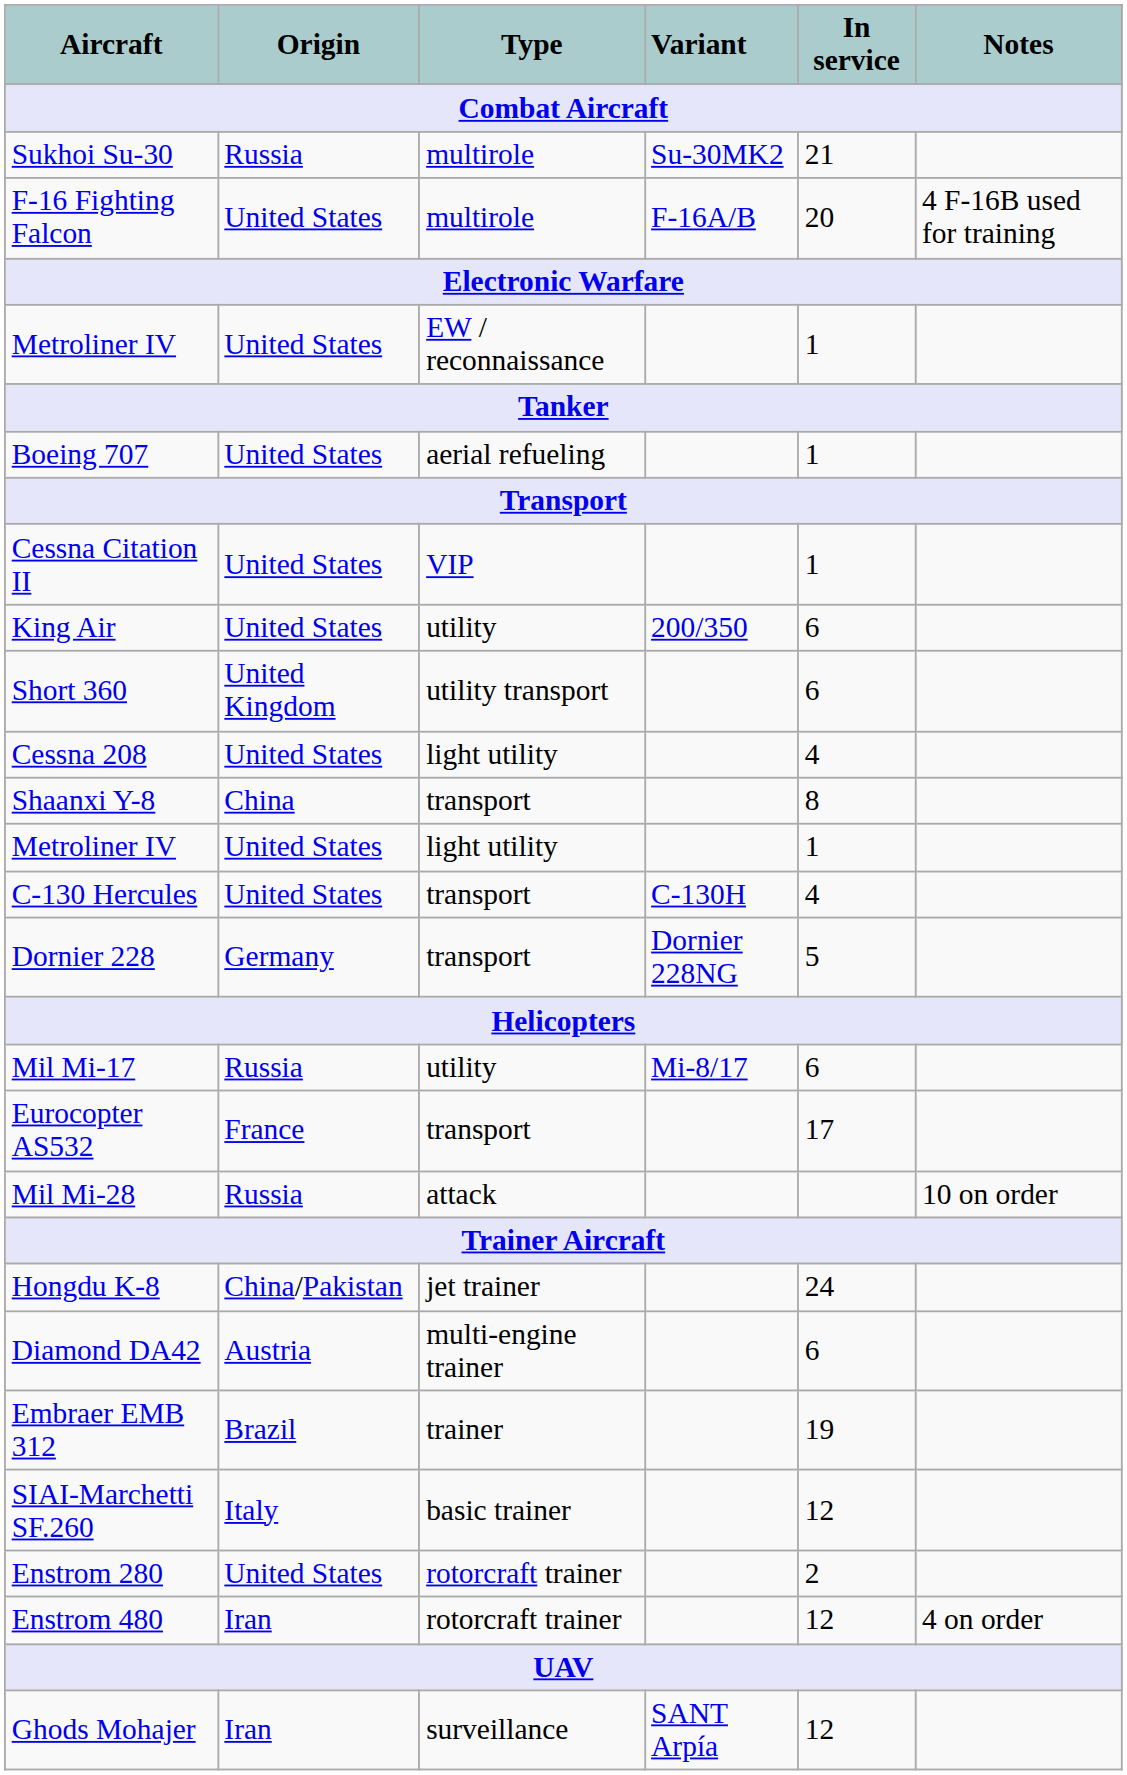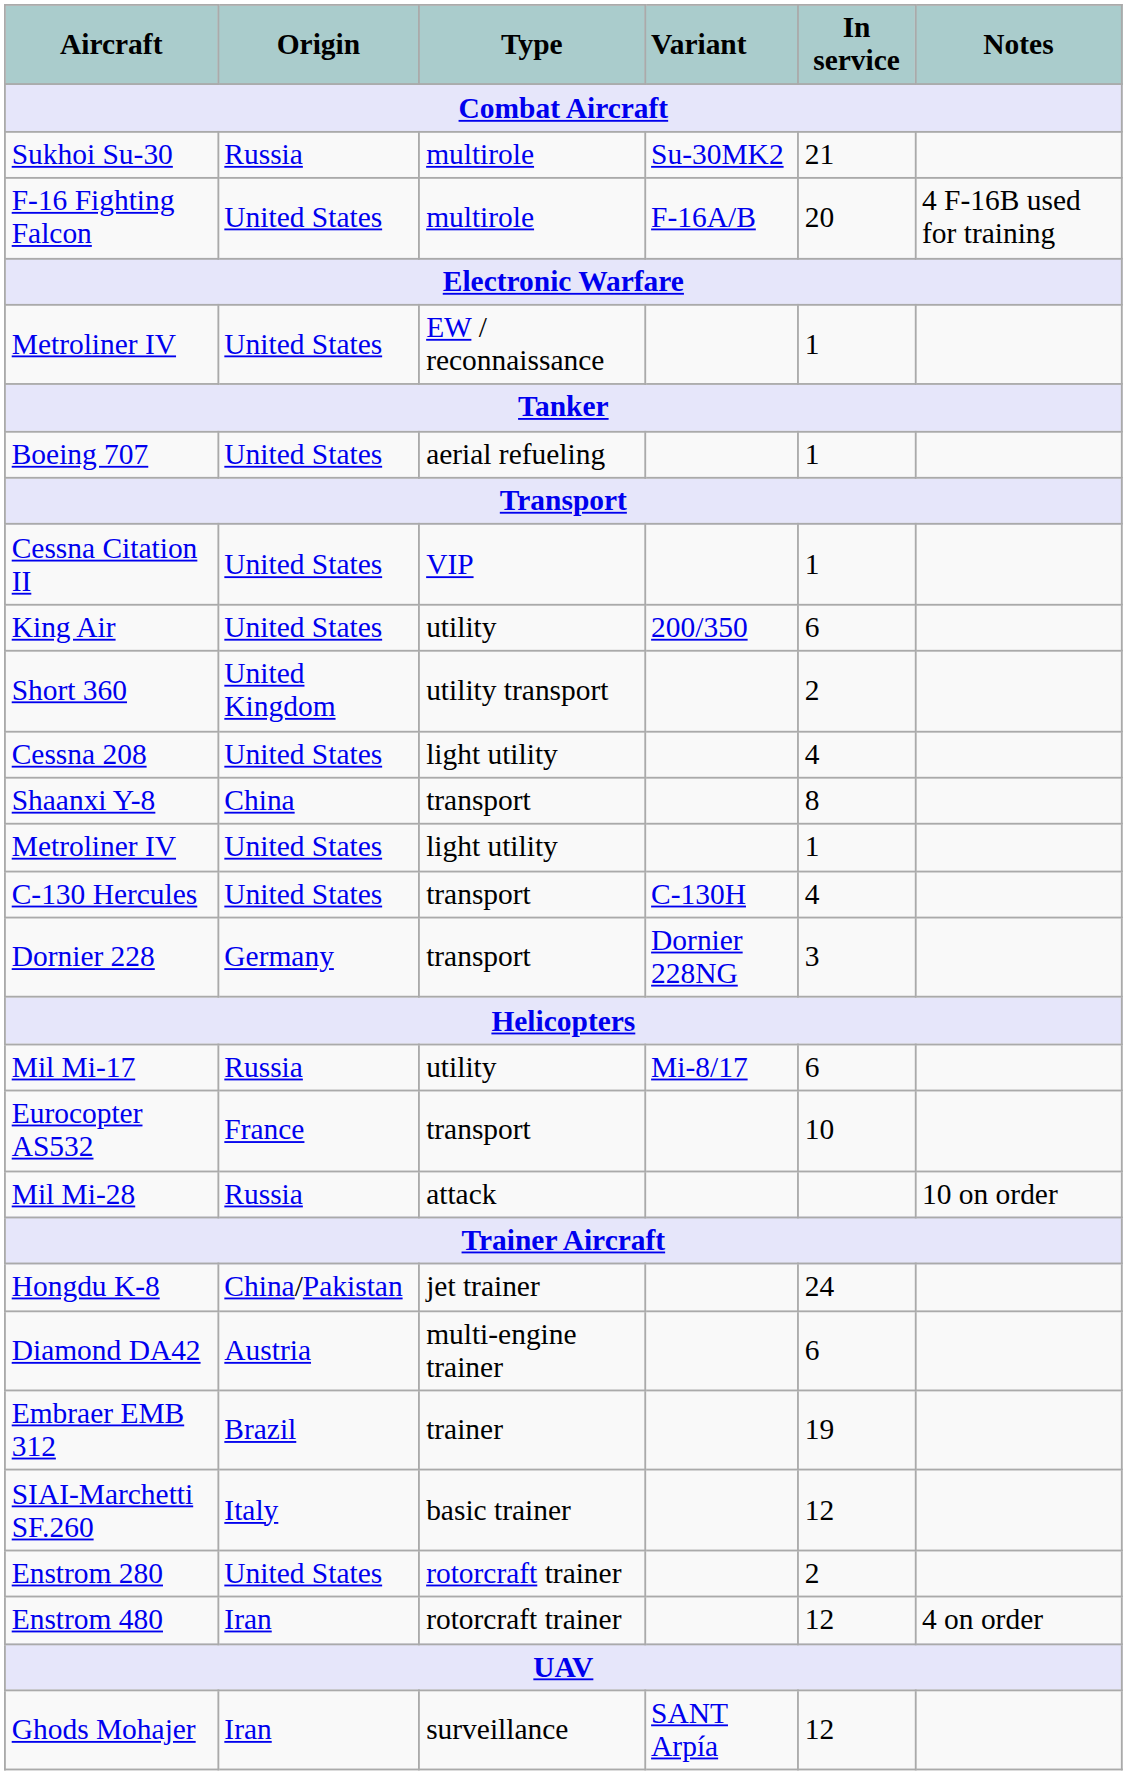 <table class="wikitable">
 <tr>
 <th style="text-align:center; background:#acc;">Aircraft</th>
 <th style="text-align: center; background:#acc;">Origin</th>
 <th style="text-align:l center; background:#acc;">Type</th>
 <th style="text-align:left; background:#acc;">Variant</th>
 <th style="text-align:center; background:#acc;">In service</th>
 <th style="text-align: center; background:#acc;">Notes</th>
 </tr>
 <tr>
 <th style="align: center; background: lavender;" colspan="7"><a href='#'>Combat Aircraft</a></th>
 </tr>
 <tr>
 <td><a href='#'>Sukhoi Su-30</a></td>
 <td><a href='#'>Russia</a></td>
 <td><a href='#'>multirole</a></td>
 <td><a href='#'>Su-30MK2</a></td>
 <td>21</td>
 <td></td>
 </tr>
 <tr>
 <td><a href='#'>F-16 Fighting Falcon</a></td>
 <td><a href='#'>United States</a></td>
 <td><a href='#'>multirole</a></td>
 <td><a href='#'>F-16A/B</a></td>
 <td>20</td>
 <td>4 F-16B used for training</td>
 </tr>
 <tr>
 <th style="align: center; background: lavender;" colspan="7"><a href='#'>Electronic Warfare</a></th>
 </tr>
 <tr>
 <td><a href='#'>Metroliner IV</a></td>
 <td><a href='#'>United States</a></td>
 <td><a href='#'>EW</a> / reconnaissance</td>
 <td></td>
 <td>1</td>
 <td></td>
 </tr>
 <tr>
 <th style="align: center; background: lavender;" colspan="7"><a href='#'>Tanker</a></th>
 </tr>
 <tr>
 <td><a href='#'>Boeing 707</a></td>
 <td><a href='#'>United States</a></td>
 <td>aerial refueling</td>
 <td></td>
 <td>1</td>
 <td></td>
 </tr>
 <tr>
 <th style="align: center; background: lavender;" colspan="7"><a href='#'>Transport</a></th>
 </tr>
 <tr>
 <td><a href='#'>Cessna Citation II</a></td>
 <td><a href='#'>United States</a></td>
 <td><a href='#'>VIP</a></td>
 <td></td>
 <td>1</td>
 <td></td>
 </tr>
 <tr>
 <td><a href='#'>King Air</a></td>
 <td><a href='#'>United States</a></td>
 <td>utility</td>
 <td><a href='#'>200/350</a></td>
 <td>6</td>
 <td></td>
 </tr>
 <tr>
 <td><a href='#'>Short 360</a></td>
 <td><a href='#'>United Kingdom</a></td>
 <td>utility transport</td>
 <td></td>
-<td>6</td>
+<td>2</td>
 <td></td>
 </tr>
 <tr>
 <td><a href='#'>Cessna 208</a></td>
 <td><a href='#'>United States</a></td>
 <td>light utility</td>
 <td></td>
 <td>4</td>
 <td></td>
 </tr>
 <tr>
 <td><a href='#'>Shaanxi Y-8</a></td>
 <td><a href='#'>China</a></td>
 <td>transport</td>
 <td></td>
 <td>8</td>
 <td></td>
 </tr>
 <tr>
 <td><a href='#'>Metroliner IV</a></td>
 <td><a href='#'>United States</a></td>
 <td>light utility</td>
 <td></td>
 <td>1</td>
 <td></td>
 </tr>
 <tr>
 <td><a href='#'>C-130 Hercules</a></td>
 <td><a href='#'>United States</a></td>
 <td>transport</td>
 <td><a href='#'>C-130H</a></td>
 <td>4</td>
 <td></td>
 </tr>
 <tr>
 <td><a href='#'>Dornier 228</a></td>
 <td><a href='#'>Germany</a></td>
 <td>transport</td>
 <td><a href='#'>Dornier 228NG</a></td>
-<td>5</td>
+<td>3</td>
 <td></td>
 </tr>
 <tr>
 <th style="align: center; background: lavender;" colspan="7"><a href='#'>Helicopters</a></th>
 </tr>
 <tr>
 <td><a href='#'>Mil Mi-17</a></td>
 <td><a href='#'>Russia</a></td>
 <td>utility</td>
 <td><a href='#'>Mi-8/17</a></td>
 <td>6</td>
 <td></td>
 </tr>
 <tr>
 <td><a href='#'>Eurocopter AS532</a></td>
 <td><a href='#'>France</a></td>
 <td>transport</td>
 <td></td>
-<td>17</td>
+<td>10</td>
 <td></td>
 </tr>
 <tr>
 <td><a href='#'>Mil Mi-28</a></td>
 <td><a href='#'>Russia</a></td>
 <td>attack</td>
 <td></td>
 <td></td>
 <td>10 on order</td>
 </tr>
 <tr>
 <th style="align: center; background: lavender;" colspan="7"><a href='#'>Trainer Aircraft</a></th>
 </tr>
 <tr>
 <td><a href='#'>Hongdu K-8</a></td>
 <td><a href='#'>China</a>/<a href='#'>Pakistan</a></td>
 <td>jet trainer</td>
 <td></td>
 <td>24</td>
 <td></td>
 </tr>
 <tr>
 <td><a href='#'>Diamond DA42</a></td>
 <td><a href='#'>Austria</a></td>
 <td>multi-engine trainer</td>
 <td></td>
 <td>6</td>
 <td></td>
 </tr>
 <tr>
 <td><a href='#'>Embraer EMB 312</a></td>
 <td><a href='#'>Brazil</a></td>
 <td>trainer</td>
 <td></td>
 <td>19</td>
 <td></td>
 </tr>
 <tr>
 <td><a href='#'>SIAI-Marchetti SF.260</a></td>
 <td><a href='#'>Italy</a></td>
 <td>basic trainer</td>
 <td></td>
 <td>12</td>
 <td></td>
 </tr>
 <tr>
 <td><a href='#'>Enstrom 280</a></td>
 <td><a href='#'>United States</a></td>
 <td><a href='#'>rotorcraft</a> trainer</td>
 <td></td>
 <td>2</td>
 <td></td>
 </tr>
 <tr>
 <td><a href='#'>Enstrom 480</a></td>
 <td><a href='#'>Iran</a></td>
 <td>rotorcraft trainer</td>
 <td></td>
 <td>12</td>
 <td>4 on order</td>
 </tr>
 <tr>
 <th style="align: center; background: lavender;" colspan="7"><a href='#'>UAV</a></th>
 </tr>
 <tr>
 <td><a href='#'>Ghods Mohajer</a></td>
 <td><a href='#'>Iran</a></td>
 <td>surveillance</td>
 <td><a href='#'>SANT Arpía</a></td>
 <td>12</td>
 <td></td>
 </tr>
 </table>
